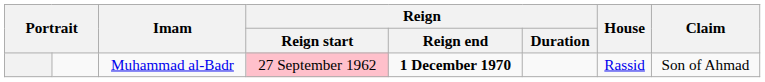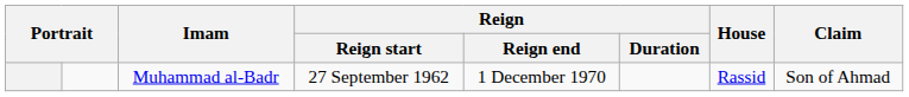 <table class="wikitable" style="text-align:center; border:1px #aaf solid; width:90%;">
 <tr>
 <th rowspan="2" colspan="2" width="80px">Portrait</th>
 <th rowspan="2">Imam<br></th>
 <th colspan="3">Reign</th>
 <th rowspan="2">House</th>
 <th rowspan="2">Claim</th>
 </tr>
 <tr>
 <th>Reign start</th>
 <th>Reign end</th>
 <th>Duration</th>
 </tr>
 <tr>
 <th></th>
 <td></td>
 <td><a href='#'>Muhammad al-Badr</a><br></td>
-<td style="background: pink;">27 September 1962</td>
-<td><strong>1 December 1970</strong></td>
+<td>27 September 1962</td>
+<td>1 December 1970</td>
 <td></td>
 <td><a href='#'>Rassid</a></td>
 <td>Son of Ahmad</td>
 </tr>
 </table>
